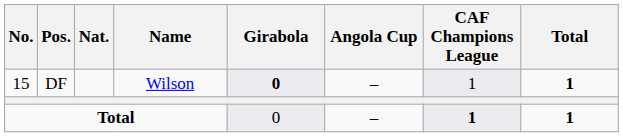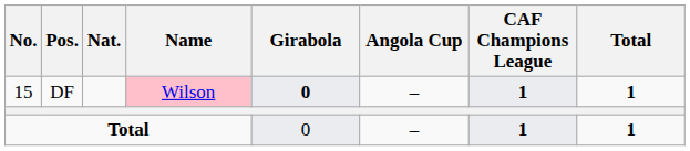 <table class="wikitable sortable" style="text-align:center">
 <tr>
 <th style="text-align:center; width:20px;">No.</th>
 <th style="text-align:center; width:20px;">Pos.</th>
 <th style="text-align:center; width:20px;">Nat.</th>
 <th style="text-align:center; width:100px;">Name</th>
 <th style="text-align:center; width:85px;">Girabola</th>
 <th style="text-align:center; width:85px;">Angola Cup</th>
 <th style="text-align:center; width:85px;">CAF Champions League</th>
 <th style="text-align:center; width:85px;">Total</th>
 </tr>
 <tr>
 <td>15</td>
 <td>DF</td>
 <td></td>
-<td align=center><a href='#'>Wilson</a></td>
+<td align=center style="background: pink;"><a href='#'>Wilson</a></td>
 <td style="background:#eaecf0;"><strong>0</strong></td>
 <td>–</td>
-<td style="background:#eaecf0;">1</td>
+<td style="background:#eaecf0;"><strong>1</strong></td>
 <td><strong>1</strong></td>
 </tr>
 <tr>
 <th colspan=8></th>
 </tr>
 <tr>
 <td colspan=4><strong>Total</strong></td>
 <td style="background:#eaecf0;">0</td>
 <td>–</td>
 <td style="background:#eaecf0;"><strong>1</strong></td>
 <td><strong>1</strong></td>
 </tr>
 </table>
